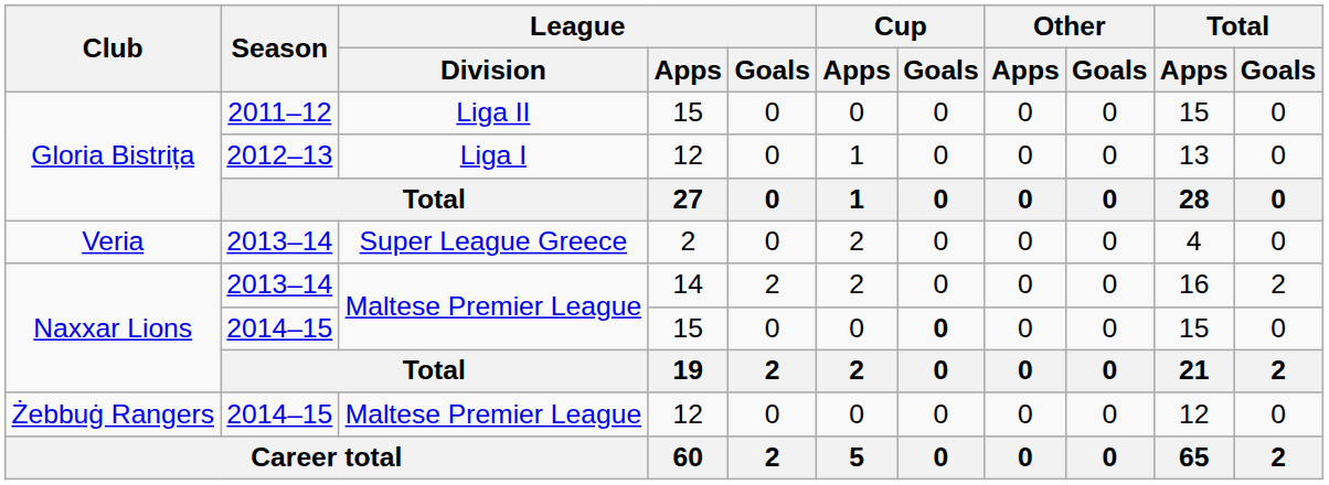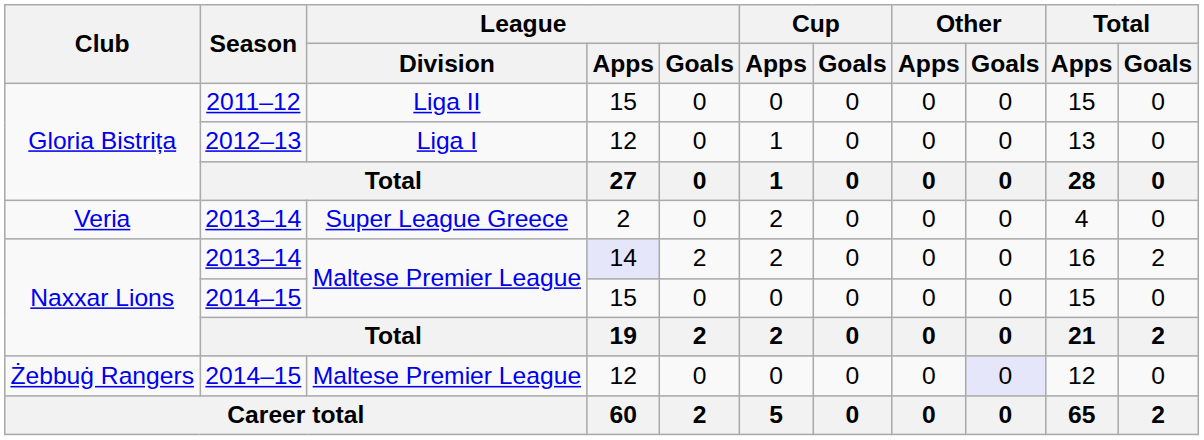 <table class="wikitable" style="text-align: center">
 <tr>
 <th rowspan="2">Club</th>
 <th rowspan="2">Season</th>
 <th colspan="3">League</th>
 <th colspan="2">Cup</th>
 <th colspan="2">Other</th>
 <th colspan="2">Total</th>
 </tr>
 <tr>
 <th>Division</th>
 <th>Apps</th>
 <th>Goals</th>
 <th>Apps</th>
 <th>Goals</th>
 <th>Apps</th>
 <th>Goals</th>
 <th>Apps</th>
 <th>Goals</th>
 </tr>
 <tr>
 <td rowspan="3"><a href='#'>Gloria Bistrița</a></td>
 <td><a href='#'>2011–12</a></td>
 <td><a href='#'>Liga II</a></td>
 <td>15</td>
 <td>0</td>
 <td>0</td>
 <td>0</td>
 <td>0</td>
 <td>0</td>
 <td>15</td>
 <td>0</td>
 </tr>
 <tr>
 <td><a href='#'>2012–13</a></td>
 <td><a href='#'>Liga I</a></td>
 <td>12</td>
 <td>0</td>
 <td>1</td>
 <td>0</td>
 <td>0</td>
 <td>0</td>
 <td>13</td>
 <td>0</td>
 </tr>
 <tr>
 <th colspan="2"><strong>Total</strong></th>
 <th>27</th>
 <th>0</th>
 <th>1</th>
 <th>0</th>
 <th>0</th>
 <th>0</th>
 <th>28</th>
 <th>0</th>
 </tr>
 <tr>
 <td><a href='#'>Veria</a></td>
 <td><a href='#'>2013–14</a></td>
 <td><a href='#'>Super League Greece</a></td>
 <td>2</td>
 <td>0</td>
 <td>2</td>
 <td>0</td>
 <td>0</td>
 <td>0</td>
 <td>4</td>
 <td>0</td>
 </tr>
 <tr>
 <td rowspan="3"><a href='#'>Naxxar Lions</a></td>
 <td><a href='#'>2013–14</a></td>
 <td rowspan="2"><a href='#'>Maltese Premier League</a></td>
-<td>14</td>
+<td style="background: lavender;">14</td>
 <td>2</td>
 <td>2</td>
 <td>0</td>
 <td>0</td>
 <td>0</td>
 <td>16</td>
 <td>2</td>
 </tr>
 <tr>
 <td><a href='#'>2014–15</a></td>
 <td>15</td>
 <td>0</td>
 <td>0</td>
-<td><strong>0</strong></td>
+<td>0</td>
 <td>0</td>
 <td>0</td>
 <td>15</td>
 <td>0</td>
 </tr>
 <tr>
 <th colspan="2"><strong>Total</strong></th>
 <th>19</th>
 <th>2</th>
 <th>2</th>
 <th>0</th>
 <th>0</th>
 <th>0</th>
 <th>21</th>
 <th>2</th>
 </tr>
 <tr>
 <td><a href='#'>Żebbuġ Rangers</a></td>
 <td><a href='#'>2014–15</a></td>
 <td><a href='#'>Maltese Premier League</a></td>
 <td>12</td>
 <td>0</td>
 <td>0</td>
 <td>0</td>
 <td>0</td>
-<td>0</td>
+<td style="background: lavender;">0</td>
 <td>12</td>
 <td>0</td>
 </tr>
 <tr>
 <th colspan=3>Career total</th>
 <th>60</th>
 <th>2</th>
 <th>5</th>
 <th>0</th>
 <th>0</th>
 <th>0</th>
 <th>65</th>
 <th>2</th>
 </tr>
 </table>
